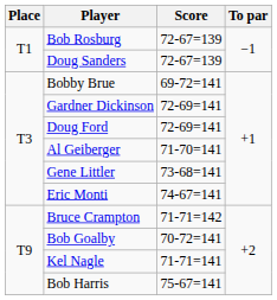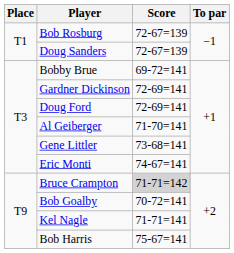 <table class=wikitable>
 <tr>
 <th>Place</th>
 <th>Player</th>
 <th>Score</th>
 <th>To par</th>
 </tr>
 <tr>
 <td rowspan=2 align=center>T1</td>
 <td> <a href='#'>Bob Rosburg</a></td>
 <td>72-67=139</td>
 <td rowspan=2 align=center>−1</td>
 </tr>
 <tr>
 <td> <a href='#'>Doug Sanders</a></td>
 <td>72-67=139</td>
 </tr>
 <tr>
 <td rowspan=6 align=center>T3</td>
 <td> Bobby Brue</td>
 <td>69-72=141</td>
 <td rowspan=6 align=center>+1</td>
 </tr>
 <tr>
 <td> <a href='#'>Gardner Dickinson</a></td>
 <td>72-69=141</td>
 </tr>
 <tr>
 <td> <a href='#'>Doug Ford</a></td>
 <td>72-69=141</td>
 </tr>
 <tr>
 <td> <a href='#'>Al Geiberger</a></td>
 <td>71-70=141</td>
 </tr>
 <tr>
 <td> <a href='#'>Gene Littler</a></td>
 <td>73-68=141</td>
 </tr>
 <tr>
 <td> <a href='#'>Eric Monti</a></td>
 <td>74-67=141</td>
 </tr>
 <tr>
 <td rowspan=4 align=center>T9</td>
 <td> <a href='#'>Bruce Crampton</a></td>
-<td>71-71=142</td>
+<td style="background: lightgrey;">71-71=142</td>
 <td rowspan=4 align=center>+2</td>
 </tr>
 <tr>
 <td> <a href='#'>Bob Goalby</a></td>
 <td>70-72=141</td>
 </tr>
 <tr>
 <td> <a href='#'>Kel Nagle</a></td>
 <td>71-71=141</td>
 </tr>
 <tr>
 <td> Bob Harris</td>
 <td>75-67=141</td>
 </tr>
 </table>
